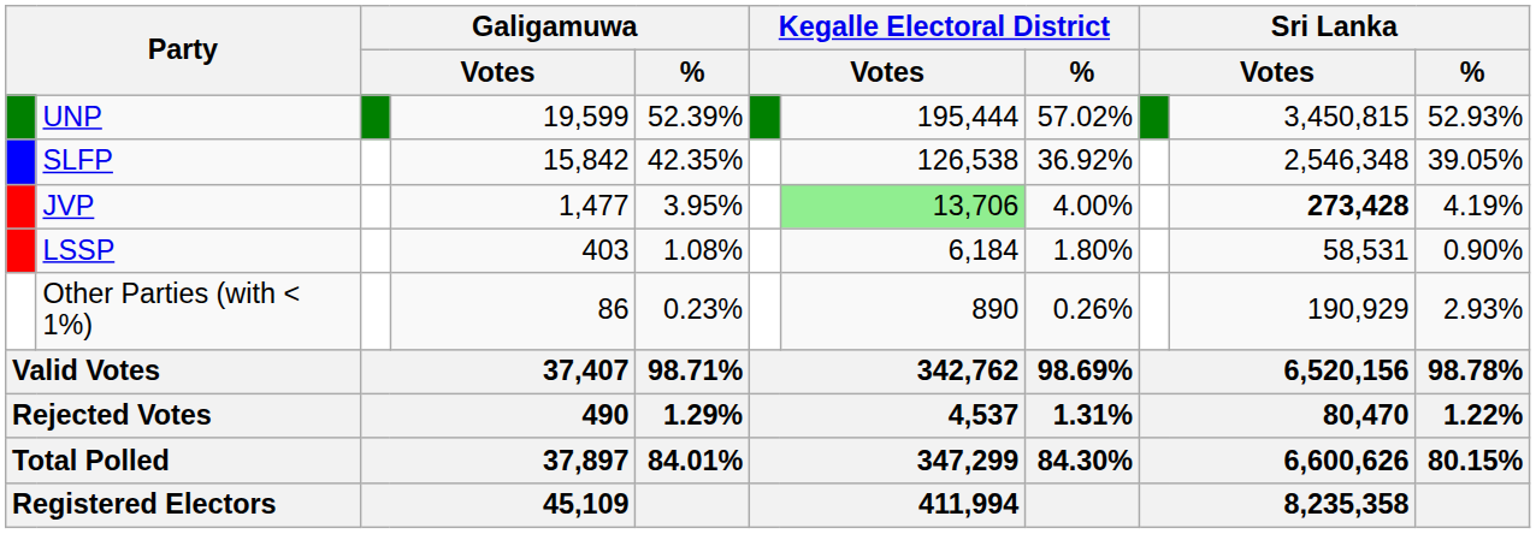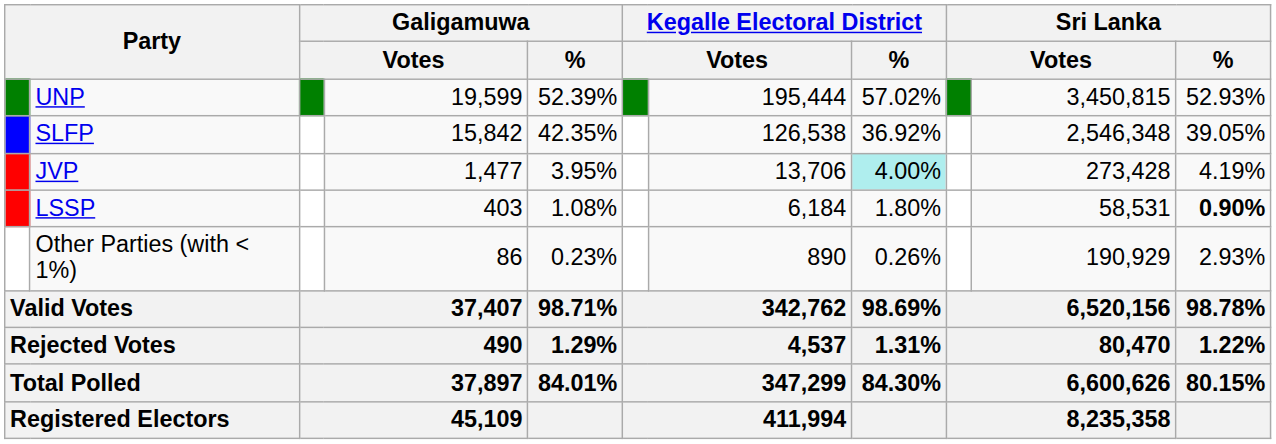 <table class="wikitable">
 <tr>
 <th colspan="2" width="144px"rowspan="2">Party</th>
 <th colspan="3" width="216px">Galigamuwa</th>
 <th colspan="3" width="216px"><a href='#'>Kegalle Electoral District</a></th>
 <th colspan="3" width="216px">Sri Lanka</th>
 </tr>
 <tr>
 <th colspan="2" width="144px">Votes</th>
 <th>%</th>
 <th colspan="2" width="144px">Votes</th>
 <th>%</th>
 <th colspan="2" width="144px">Votes</th>
 <th>%</th>
 </tr>
 <tr>
 <td style="background-color:green;" width="10px"></td>
 <td style="text-align:left;"><a href='#'>UNP</a></td>
 <td style="background-color:green;" width="10px"></td>
 <td style="text-align:right;">19,599</td>
 <td style="text-align:right;">52.39%</td>
 <td style="background-color:green;" width="10px"></td>
 <td style="text-align:right;">195,444</td>
 <td style="text-align:right;">57.02%</td>
 <td style="background-color:green;" width="10px"></td>
 <td style="text-align:right;">3,450,815</td>
 <td style="text-align:right;">52.93%</td>
 </tr>
 <tr>
 <td style="background-color:blue;" width="10px"></td>
 <td style="text-align:left;"><a href='#'>SLFP</a></td>
 <td style="background-color:white;" width="10px"></td>
 <td style="text-align:right;">15,842</td>
 <td style="text-align:right;">42.35%</td>
 <td style="background-color:white;" width="10px"></td>
 <td style="text-align:right;">126,538</td>
 <td style="text-align:right;">36.92%</td>
 <td style="background-color:white;" width="10px"></td>
 <td style="text-align:right;">2,546,348</td>
 <td style="text-align:right;">39.05%</td>
 </tr>
 <tr>
 <td style="background-color:red;" width="10px"></td>
 <td style="text-align:left;"><a href='#'>JVP</a></td>
 <td style="background-color:white;" width="10px"></td>
 <td style="text-align:right;">1,477</td>
 <td style="text-align:right;">3.95%</td>
 <td style="background-color:white;" width="10px"></td>
-<td style="background: lightgreen; text-align:right;">13,706</td>
-<td style="text-align:right;">4.00%</td>
+<td style="text-align:right;">13,706</td>
+<td style="background: paleturquoise; text-align:right;">4.00%</td>
 <td style="background-color:white;" width="10px"></td>
-<td style="text-align:right;"><strong>273,428</strong></td>
+<td style="text-align:right;">273,428</td>
 <td style="text-align:right;">4.19%</td>
 </tr>
 <tr>
 <td style="background-color:red;" width="10px"></td>
 <td style="text-align:left;"><a href='#'>LSSP</a></td>
 <td style="background-color:white;" width="10px"></td>
 <td style="text-align:right;">403</td>
 <td style="text-align:right;">1.08%</td>
 <td style="background-color:white;" width="10px"></td>
 <td style="text-align:right;">6,184</td>
 <td style="text-align:right;">1.80%</td>
 <td style="background-color:white;" width="10px"></td>
 <td style="text-align:right;">58,531</td>
-<td style="text-align:right;">0.90%</td>
+<td style="text-align:right;"><strong>0.90%</strong></td>
 </tr>
 <tr>
 <td style="background-color:white;" width="10px"></td>
 <td style="text-align:left;">Other Parties (with < 1%)</td>
 <td style="background-color:white;" width="10px"></td>
 <td style="text-align:right;">86</td>
 <td style="text-align:right;">0.23%</td>
 <td style="background-color:white;" width="10px"></td>
 <td style="text-align:right;">890</td>
 <td style="text-align:right;">0.26%</td>
 <td style="background-color:white;" width="10px"></td>
 <td style="text-align:right;">190,929</td>
 <td style="text-align:right;">2.93%</td>
 </tr>
 <tr>
 <th colspan="2" width="144px"style="text-align:left;">Valid Votes</th>
 <th style="text-align:right;"colspan="2" width="144px">37,407</th>
 <th style="text-align:right;">98.71%</th>
 <th style="text-align:right;"colspan="2" width="144px">342,762</th>
 <th style="text-align:right;">98.69%</th>
 <th style="text-align:right;"colspan="2" width="144px">6,520,156</th>
 <th style="text-align:right;">98.78%</th>
 </tr>
 <tr>
 <th colspan="2" width="144px"style="text-align:left;">Rejected Votes</th>
 <th style="text-align:right;"colspan="2" width="144px">490</th>
 <th style="text-align:right;">1.29%</th>
 <th style="text-align:right;"colspan="2" width="144px">4,537</th>
 <th style="text-align:right;">1.31%</th>
 <th style="text-align:right;"colspan="2" width="144px">80,470</th>
 <th style="text-align:right;">1.22%</th>
 </tr>
 <tr>
 <th colspan="2" width="144px"style="text-align:left;">Total Polled</th>
 <th style="text-align:right;"colspan="2" width="144px">37,897</th>
 <th style="text-align:right;">84.01%</th>
 <th style="text-align:right;"colspan="2" width="144px">347,299</th>
 <th style="text-align:right;">84.30%</th>
 <th style="text-align:right;"colspan="2" width="144px">6,600,626</th>
 <th style="text-align:right;">80.15%</th>
 </tr>
 <tr>
 <th colspan="2" width="144px"style="text-align:left;">Registered Electors</th>
 <th style="text-align:right;"colspan="2" width="144px">45,109</th>
 <th></th>
 <th style="text-align:right;"colspan="2" width="144px">411,994</th>
 <th></th>
 <th style="text-align:right;"colspan="2" width="144px">8,235,358</th>
 <th></th>
 </tr>
 </table>
